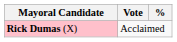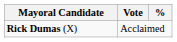 <table class="wikitable">
 <tr>
 <th bgcolor="#DDDDFF" width="170px">Mayoral Candidate</th>
 <th bgcolor="#DDDDFF" width="40px">Vote</th>
 <th bgcolor="#DDDDFF" width="30px">%</th>
 </tr>
 <tr>
-<td style="background: pink;"><strong>Rick Dumas</strong> (X)</td>
+<td><strong>Rick Dumas</strong> (X)</td>
 <td colspan="2">Acclaimed</td>
 </tr>
 </table>
